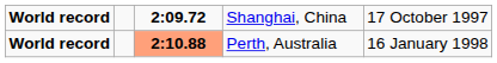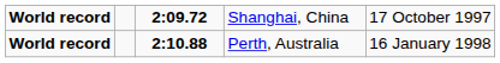 <table class="wikitable">
 <tr>
 <td><strong>World record</strong></td>
 <td style="padding-right:1em"></td>
 <td style="text-align:center;padding-left:1em; padding-right:1em;"><strong>2:09.72</strong></td>
 <td style="padding-right:1em"><a href='#'>Shanghai</a>, China</td>
 <td align=right>17 October 1997</td>
 </tr>
 <tr>
 <td><strong>World record</strong></td>
 <td style="padding-right:1em"></td>
-<td style="background: lightsalmon; text-align:center;padding-left:1em; padding-right:1em;"><strong>2:10.88</strong></td>
+<td style="text-align:center;padding-left:1em; padding-right:1em;"><strong>2:10.88</strong></td>
 <td style="padding-right:1em"><a href='#'>Perth</a>, Australia</td>
 <td align=right>16 January 1998</td>
 </tr>
 </table>
